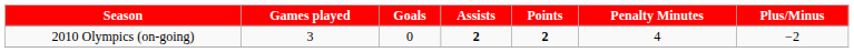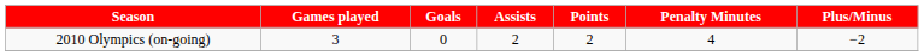 <table class="wikitable" width="80%">
 <tr align="center" style="background:red;color:white;">
 <td><strong>Season</strong></td>
 <td><strong>Games played</strong></td>
 <td><strong>Goals</strong></td>
 <td><strong>Assists</strong></td>
 <td><strong>Points</strong></td>
 <td><strong>Penalty Minutes</strong></td>
 <td><strong>Plus/Minus</strong></td>
 </tr>
 <tr align="center" bgcolor="">
 <td>2010 Olympics (on-going)</td>
 <td>3</td>
 <td>0</td>
-<td><strong>2</strong></td>
-<td><strong>2</strong></td>
+<td>2</td>
+<td>2</td>
 <td>4</td>
 <td>−2</td>
 </tr>
 <tr align="center" bgcolor="">
 </tr>
 </table>
